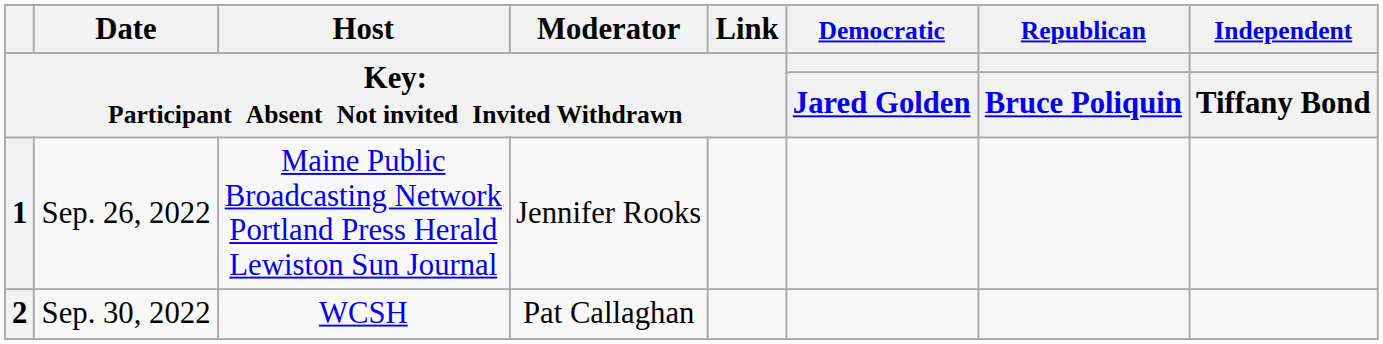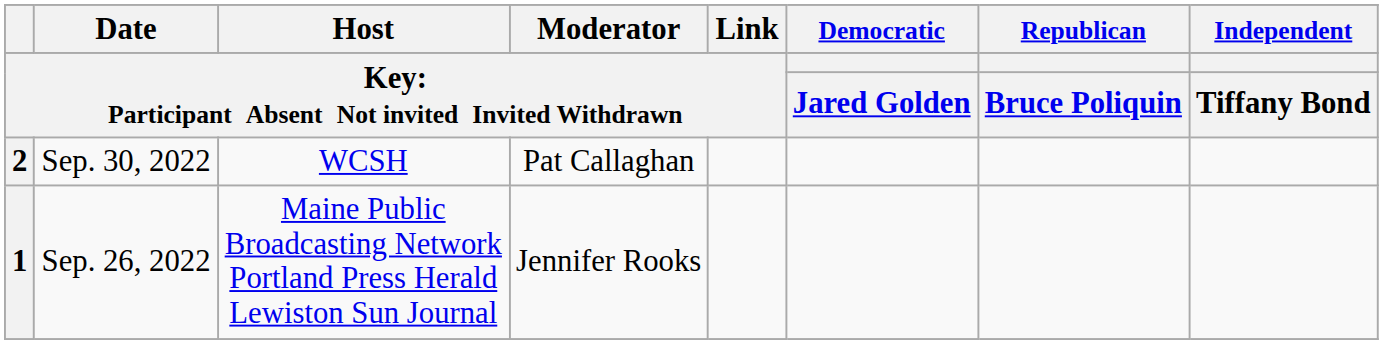 <table class="wikitable" style="text-align:center;">
 <tr>
 <th scope="col"></th>
 <th scope="col">Date</th>
 <th scope="col">Host</th>
 <th scope="col">Moderator</th>
 <th scope="col">Link</th>
 <th scope="col"><small><a href='#'>Democratic</a></small></th>
 <th scope="col"><small><a href='#'>Republican</a></small></th>
 <th scope="col"><small><a href='#'>Independent</a></small></th>
 </tr>
 <tr>
 <th colspan="5" rowspan="2">Key:<br> <small>Participant </small>  <small>Absent </small>  <small>Not invited </small>  <small>Invited  Withdrawn</small></th>
 <th scope="col" style="background:"></th>
 <th scope="col" style="background:"></th>
 <th scope="col" style="background:"></th>
 </tr>
 <tr>
 <th scope="col"><a href='#'>Jared Golden</a></th>
 <th scope="col"><a href='#'>Bruce Poliquin</a></th>
 <th scope="col">Tiffany Bond</th>
 </tr>
 <tr>
+<th>2</th>
+<td style="white-space:nowrap;">Sep. 30, 2022</td>
+<td style="white-space:nowrap;"><a href='#'>WCSH</a></td>
+<td style="white-space:nowrap;">Pat Callaghan</td>
+<td style="white-space:nowrap;"></td>
+<td></td>
+<td></td>
+<td></td>
+</tr>
+<tr>
 <th>1</th>
 <td style="white-space:nowrap;">Sep. 26, 2022</td>
 <td style="white-space:nowrap;"><a href='#'>Maine Public</a><br><a href='#'>Broadcasting Network</a><br><a href='#'>Portland Press Herald</a><br><a href='#'>Lewiston Sun Journal</a></td>
 <td style="white-space:nowrap;">Jennifer Rooks</td>
 <td style="white-space:nowrap;"></td>
 <td></td>
 <td></td>
 <td></td>
 </tr>
-<tr>
-<th>2</th>
-<td style="white-space:nowrap;">Sep. 30, 2022</td>
-<td style="white-space:nowrap;"><a href='#'>WCSH</a></td>
-<td style="white-space:nowrap;">Pat Callaghan</td>
-<td style="white-space:nowrap;"></td>
-<td></td>
-<td></td>
-<td></td>
-</tr>
 </table>
